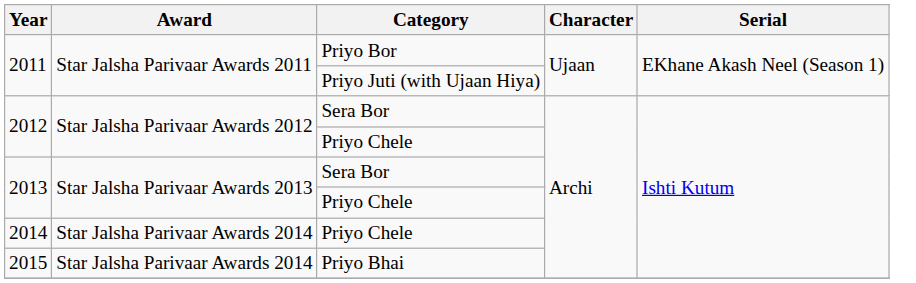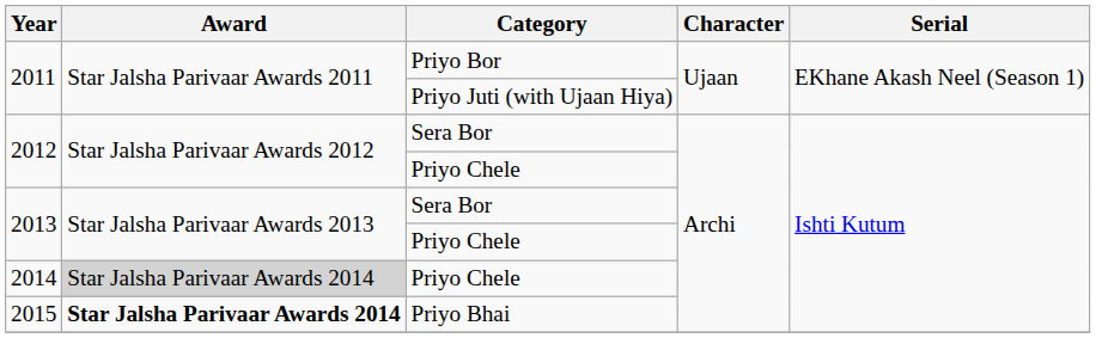 <table class="wikitable sortable">
 <tr>
 <th>Year</th>
 <th>Award</th>
 <th>Category</th>
 <th>Character</th>
 <th>Serial</th>
 </tr>
 <tr>
 <td rowspan="2">2011</td>
 <td rowspan="2">Star Jalsha Parivaar Awards 2011</td>
 <td>Priyo Bor</td>
 <td rowspan="2">Ujaan</td>
 <td rowspan="2">EKhane Akash Neel (Season 1)</td>
 </tr>
 <tr>
 <td>Priyo Juti (with Ujaan Hiya)</td>
 </tr>
 <tr>
 <td rowspan="2">2012</td>
 <td rowspan="2">Star Jalsha Parivaar Awards 2012</td>
 <td>Sera Bor</td>
 <td rowspan="6">Archi</td>
 <td rowspan="6"><a href='#'>Ishti Kutum</a></td>
 </tr>
 <tr>
 <td>Priyo Chele</td>
 </tr>
 <tr>
 <td rowspan="2">2013</td>
 <td rowspan="2">Star Jalsha Parivaar Awards 2013</td>
 <td>Sera Bor</td>
 </tr>
 <tr>
 <td>Priyo Chele</td>
 </tr>
 <tr>
 <td>2014</td>
-<td>Star Jalsha Parivaar Awards 2014</td>
+<td style="background: lightgrey;">Star Jalsha Parivaar Awards 2014</td>
 <td>Priyo Chele</td>
 </tr>
 <tr>
 <td>2015</td>
-<td>Star Jalsha Parivaar Awards 2014</td>
+<td><strong>Star Jalsha Parivaar Awards 2014</strong></td>
 <td>Priyo Bhai</td>
 </tr>
 <tr>
 </tr>
 </table>
